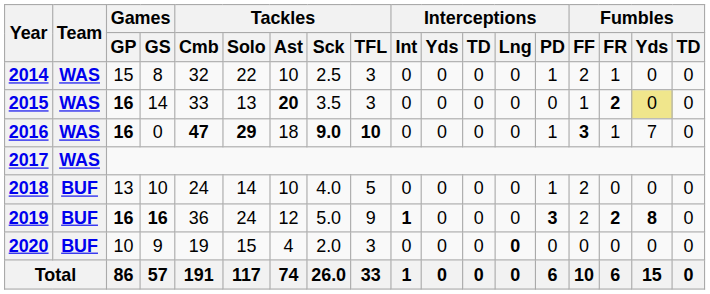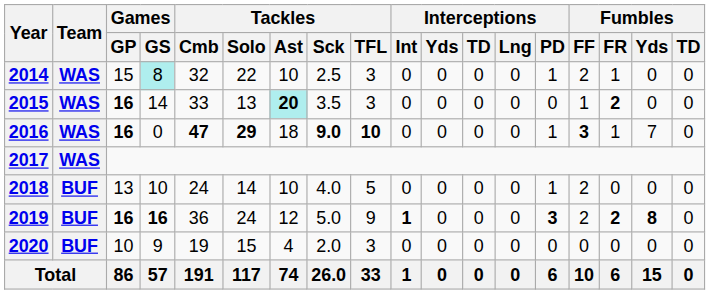 <table class="wikitable" style="text-align:center">
 <tr>
 <th rowspan="2">Year</th>
 <th rowspan="2">Team</th>
 <th colspan="2">Games</th>
 <th colspan="5">Tackles</th>
 <th colspan="5">Interceptions</th>
 <th colspan="4">Fumbles</th>
 </tr>
 <tr>
 <th>GP</th>
 <th>GS</th>
 <th>Cmb</th>
 <th>Solo</th>
 <th>Ast</th>
 <th>Sck</th>
 <th>TFL</th>
 <th>Int</th>
 <th>Yds</th>
 <th>TD</th>
 <th>Lng</th>
 <th>PD</th>
 <th>FF</th>
 <th>FR</th>
 <th>Yds</th>
 <th>TD</th>
 </tr>
 <tr>
 <th><a href='#'>2014</a></th>
 <th><a href='#'>WAS</a></th>
 <td>15</td>
-<td>8</td>
+<td style="background: paleturquoise;">8</td>
 <td>32</td>
 <td>22</td>
 <td>10</td>
 <td>2.5</td>
 <td>3</td>
 <td>0</td>
 <td>0</td>
 <td>0</td>
 <td>0</td>
 <td>1</td>
 <td>2</td>
 <td>1</td>
 <td>0</td>
 <td>0</td>
 </tr>
 <tr>
 <th><a href='#'>2015</a></th>
 <th><a href='#'>WAS</a></th>
 <td><strong>16</strong></td>
 <td>14</td>
 <td>33</td>
 <td>13</td>
-<td><strong>20</strong></td>
+<td style="background: paleturquoise;"><strong>20</strong></td>
 <td>3.5</td>
 <td>3</td>
 <td>0</td>
 <td>0</td>
 <td>0</td>
 <td>0</td>
 <td>0</td>
 <td>1</td>
 <td><strong>2</strong></td>
-<td style="background: khaki;">0</td>
+<td>0</td>
 <td>0</td>
 </tr>
 <tr>
 <th><a href='#'>2016</a></th>
 <th><a href='#'>WAS</a></th>
 <td><strong>16</strong></td>
 <td>0</td>
 <td><strong>47</strong></td>
 <td><strong>29</strong></td>
 <td>18</td>
 <td><strong>9.0</strong></td>
 <td><strong>10</strong></td>
 <td>0</td>
 <td>0</td>
 <td>0</td>
 <td>0</td>
 <td>1</td>
 <td><strong>3</strong></td>
 <td>1</td>
 <td>7</td>
 <td>0</td>
 </tr>
 <tr>
 <th><a href='#'>2017</a></th>
 <th><a href='#'>WAS</a></th>
 <td colspan="16"></td>
 </tr>
 <tr>
 <th><a href='#'>2018</a></th>
 <th><a href='#'>BUF</a></th>
 <td>13</td>
 <td>10</td>
 <td>24</td>
 <td>14</td>
 <td>10</td>
 <td>4.0</td>
 <td>5</td>
 <td>0</td>
 <td>0</td>
 <td>0</td>
 <td>0</td>
 <td>1</td>
 <td>2</td>
 <td>0</td>
 <td>0</td>
 <td>0</td>
 </tr>
 <tr>
 <th><a href='#'>2019</a></th>
 <th><a href='#'>BUF</a></th>
 <td><strong>16</strong></td>
 <td><strong>16</strong></td>
 <td>36</td>
 <td>24</td>
 <td>12</td>
 <td>5.0</td>
 <td>9</td>
 <td><strong>1</strong></td>
 <td>0</td>
 <td>0</td>
 <td>0</td>
 <td><strong>3</strong></td>
 <td>2</td>
 <td><strong>2</strong></td>
 <td><strong>8</strong></td>
 <td>0</td>
 </tr>
 <tr>
 <th><a href='#'>2020</a></th>
 <th><a href='#'>BUF</a></th>
 <td>10</td>
 <td>9</td>
 <td>19</td>
 <td>15</td>
 <td>4</td>
 <td>2.0</td>
 <td>3</td>
 <td>0</td>
 <td>0</td>
 <td>0</td>
-<td><strong>0</strong></td>
+<td>0</td>
 <td>0</td>
 <td>0</td>
 <td>0</td>
 <td>0</td>
 <td>0</td>
 </tr>
 <tr>
 <th colspan="2">Total</th>
 <th>86</th>
 <th>57</th>
 <th>191</th>
 <th>117</th>
 <th>74</th>
 <th>26.0</th>
 <th>33</th>
 <th>1</th>
 <th>0</th>
 <th>0</th>
 <th>0</th>
 <th>6</th>
 <th>10</th>
 <th>6</th>
 <th>15</th>
 <th>0</th>
 </tr>
 </table>
